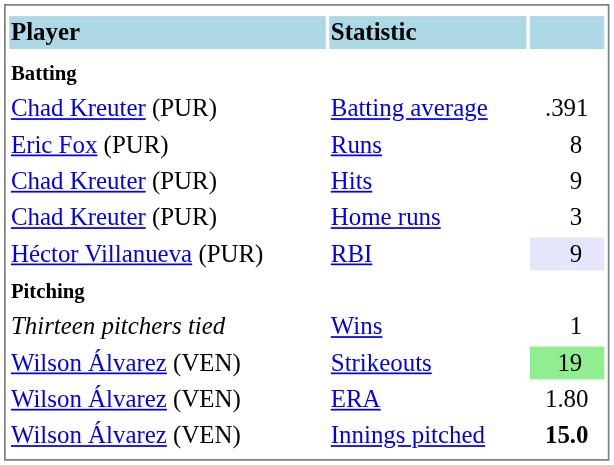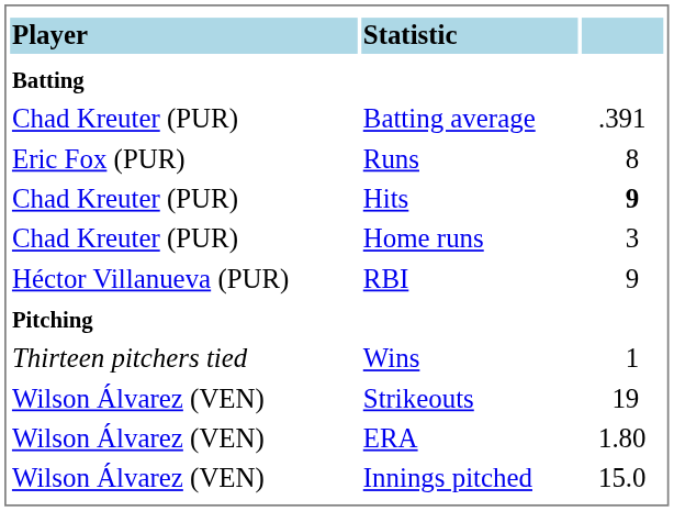 <table cellpadding="1" width="350px" style="font-size: 90%; border: 1px solid gray;">
 <tr align="center" style="font-size: larger;">
 <td colspan=6></td>
 </tr>
 <tr style="background:lightblue;">
 <td><strong>Player</strong></td>
 <td><strong>Statistic</strong></td>
 <td></td>
 </tr>
 <tr align="center" style="vertical-align: middle;" style="background:lightblue;">
 </tr>
 <tr>
 <td><small><strong>Batting</strong></small></td>
 </tr>
 <tr>
 <td><a href='#'>Chad Kreuter</a> (PUR)</td>
 <td><a href='#'>Batting average</a></td>
 <td>  .391</td>
 </tr>
 <tr>
 <td><a href='#'>Eric Fox</a> (PUR)</td>
 <td><a href='#'>Runs</a></td>
 <td>      8</td>
 </tr>
 <tr>
 <td><a href='#'>Chad Kreuter</a> (PUR)</td>
 <td><a href='#'>Hits</a></td>
-<td>      9</td>
+<td><strong>      9</strong></td>
 </tr>
 <tr>
 <td><a href='#'>Chad Kreuter</a> (PUR)</td>
 <td><a href='#'>Home runs</a></td>
 <td>      3</td>
 </tr>
 <tr>
 <td><a href='#'>Héctor Villanueva</a> (PUR)</td>
 <td><a href='#'>RBI</a></td>
-<td style="background: lavender;">      9</td>
+<td>      9</td>
 </tr>
 <tr>
 <td><small><strong>Pitching</strong></small></td>
 </tr>
 <tr>
 <td><em>Thirteen pitchers tied</em></td>
 <td><a href='#'>Wins</a></td>
 <td>      1</td>
 </tr>
 <tr>
 <td><a href='#'>Wilson Álvarez</a> (VEN)</td>
 <td><a href='#'>Strikeouts</a></td>
-<td style="background: lightgreen;">    19</td>
+<td>    19</td>
 </tr>
 <tr>
 <td><a href='#'>Wilson Álvarez</a> (VEN)</td>
 <td><a href='#'>ERA</a></td>
 <td>  1.80</td>
 </tr>
 <tr>
 <td><a href='#'>Wilson Álvarez</a> (VEN)</td>
 <td><a href='#'>Innings pitched</a></td>
-<td><strong>  15.0</strong></td>
+<td>  15.0</td>
 </tr>
 <tr>
 </tr>
 </table>
